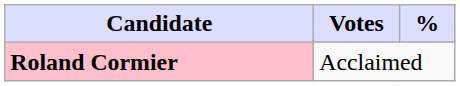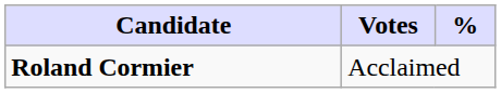 <table class="wikitable">
 <tr>
 <th style="background:#ddf; width:200px;">Candidate</th>
 <th style="background:#ddf; width:50px;">Votes</th>
 <th style="background:#ddf; width:30px;">%</th>
 </tr>
 <tr>
-<td style="background: pink;"><strong>Roland Cormier</strong></td>
+<td><strong>Roland Cormier</strong></td>
 <td colspan="2">Acclaimed</td>
 </tr>
 </table>
